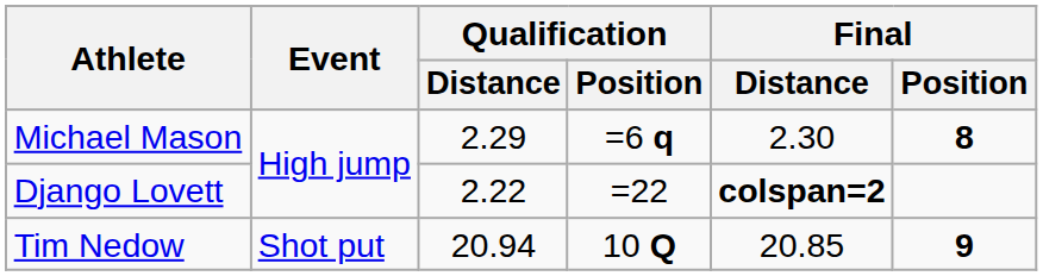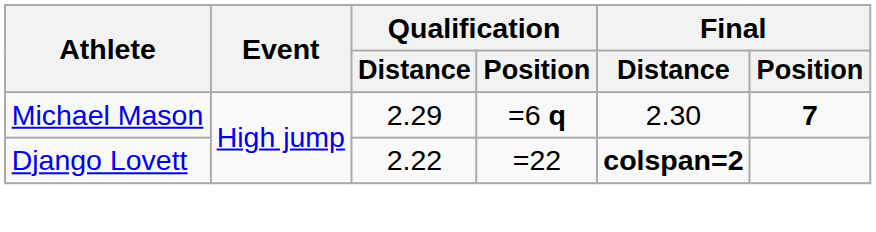 <table class=wikitable style="font-size:90%">
 <tr>
 <th rowspan="2">Athlete</th>
 <th rowspan="2">Event</th>
 <th colspan="2">Qualification</th>
 <th colspan="2">Final</th>
 </tr>
 <tr style="font-size:95%">
 <th>Distance</th>
 <th>Position</th>
 <th>Distance</th>
 <th>Position</th>
 </tr>
 <tr align=center>
 <td align=left><a href='#'>Michael Mason</a></td>
 <td align=left rowspan=2><a href='#'>High jump</a></td>
 <td>2.29</td>
 <td>=6 <strong>q</strong></td>
 <td>2.30</td>
-<td><strong>8</strong></td>
+<td><strong>7</strong></td>
 </tr>
 <tr align=center>
 <td align=left><a href='#'>Django Lovett</a></td>
 <td>2.22</td>
 <td>=22</td>
 <td><strong>colspan=2 </strong></td>
 </tr>
-<tr align=center>
-<td align=left><a href='#'>Tim Nedow</a></td>
-<td align=left><a href='#'>Shot put</a></td>
-<td>20.94</td>
-<td>10 <strong>Q</strong></td>
-<td>20.85</td>
-<td><strong>9</strong></td>
-</tr>
 </table>
